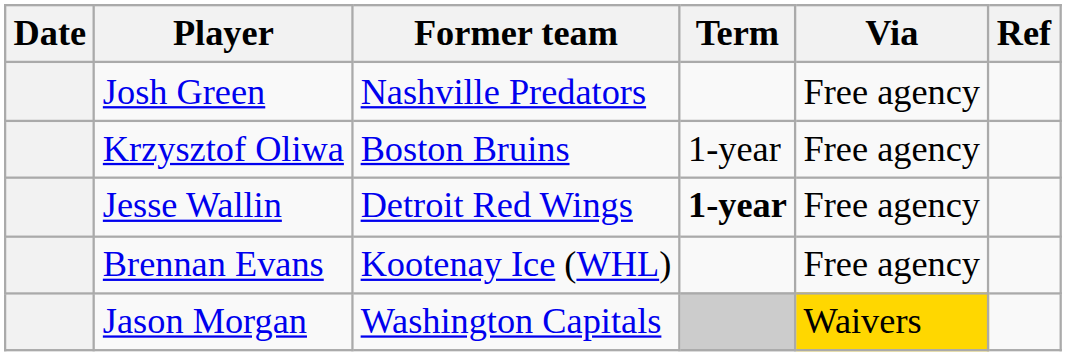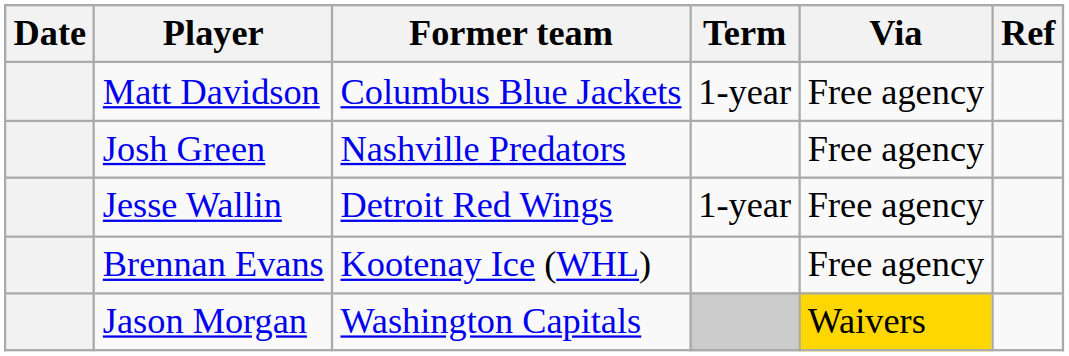 <table class="wikitable plainrowheaders">
 <tr style="background:#ddd; text-align:center;">
 <th>Date</th>
 <th>Player</th>
 <th>Former team</th>
 <th>Term</th>
 <th>Via</th>
 <th>Ref</th>
 </tr>
 <tr>
 <th scope="row"></th>
+<td><a href='#'>Matt Davidson</a></td>
+<td><a href='#'>Columbus Blue Jackets</a></td>
+<td>1-year</td>
+<td>Free agency</td>
+<td></td>
+</tr>
+<tr>
+<th scope="row"></th>
 <td><a href='#'>Josh Green</a></td>
 <td><a href='#'>Nashville Predators</a></td>
 <td></td>
 <td>Free agency</td>
 <td></td>
 </tr>
 <tr>
 <th scope="row"></th>
-<td><a href='#'>Krzysztof Oliwa</a></td>
-<td><a href='#'>Boston Bruins</a></td>
-<td>1-year</td>
-<td>Free agency</td>
-<td></td>
-</tr>
-<tr>
-<th scope="row"></th>
 <td><a href='#'>Jesse Wallin</a></td>
 <td><a href='#'>Detroit Red Wings</a></td>
-<td><strong>1-year</strong></td>
+<td>1-year</td>
 <td>Free agency</td>
 <td></td>
 </tr>
 <tr>
 <th scope="row"></th>
 <td><a href='#'>Brennan Evans</a></td>
 <td><a href='#'>Kootenay Ice</a> (<a href='#'>WHL</a>)</td>
 <td></td>
 <td>Free agency</td>
 <td></td>
 </tr>
 <tr>
 <th scope="row"></th>
 <td><a href='#'>Jason Morgan</a></td>
 <td><a href='#'>Washington Capitals</a></td>
 <td style="background:#ccc"></td>
 <td style="background: gold;">Waivers</td>
 <td></td>
 </tr>
 </table>
